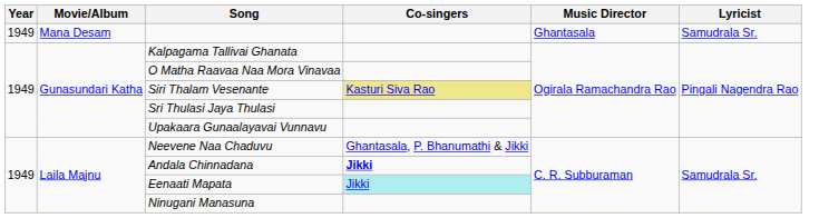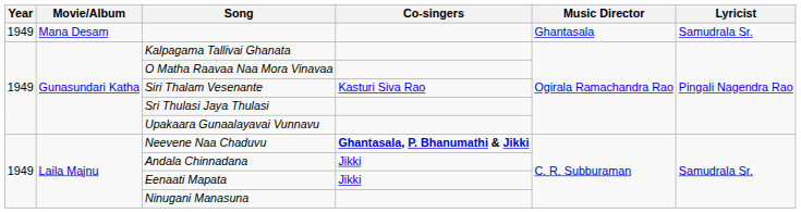 <table class="wikitable sortable">
 <tr>
 <th scope="col">Year</th>
 <th scope="col">Movie/Album</th>
 <th scope="col">Song</th>
 <th scope="col">Co-singers</th>
 <th scope="col">Music Director</th>
 <th scope="col">Lyricist</th>
 </tr>
 <tr>
 <td>1949</td>
 <td><a href='#'>Mana Desam</a></td>
 <td></td>
 <td></td>
 <td><a href='#'>Ghantasala</a></td>
 <td><a href='#'>Samudrala Sr.</a></td>
 </tr>
 <tr>
 <td rowspan=5>1949</td>
 <td rowspan=5><a href='#'>Gunasundari Katha</a></td>
 <td><em>Kalpagama Tallivai Ghanata</em></td>
 <td></td>
 <td rowspan=5><a href='#'>Ogirala Ramachandra Rao</a></td>
 <td rowspan=5><a href='#'>Pingali Nagendra Rao</a></td>
 </tr>
 <tr>
 <td><em>O Matha Raavaa Naa Mora Vinavaa</em></td>
 <td></td>
 </tr>
 <tr>
 <td><em>Siri Thalam Vesenante</em></td>
-<td style="background: khaki;"><a href='#'>Kasturi Siva Rao</a></td>
+<td><a href='#'>Kasturi Siva Rao</a></td>
 </tr>
 <tr>
 <td><em>Sri Thulasi Jaya Thulasi</em></td>
 <td></td>
 </tr>
 <tr>
 <td><em>Upakaara Gunaalayavai Vunnavu</em></td>
 <td></td>
 </tr>
 <tr>
 <td rowspan=4>1949</td>
 <td rowspan=4><a href='#'>Laila Majnu</a></td>
 <td><em>Neevene Naa Chaduvu</em></td>
-<td><a href='#'>Ghantasala</a>, <a href='#'>P. Bhanumathi</a> & <a href='#'>Jikki</a></td>
+<td><strong><a href='#'>Ghantasala</a>, <a href='#'>P. Bhanumathi</a> & <a href='#'>Jikki</a></strong></td>
 <td rowspan=4><a href='#'>C. R. Subburaman</a></td>
 <td rowspan=4><a href='#'>Samudrala Sr.</a></td>
 </tr>
 <tr>
 <td><em>Andala Chinnadana</em></td>
-<td><strong><a href='#'>Jikki</a></strong></td>
+<td><a href='#'>Jikki</a></td>
 </tr>
 <tr>
 <td><em>Eenaati Mapata</em></td>
-<td style="background: paleturquoise;"><a href='#'>Jikki</a></td>
+<td><a href='#'>Jikki</a></td>
 </tr>
 <tr>
 <td><em>Ninugani Manasuna</em></td>
 <td></td>
 </tr>
 </table>
